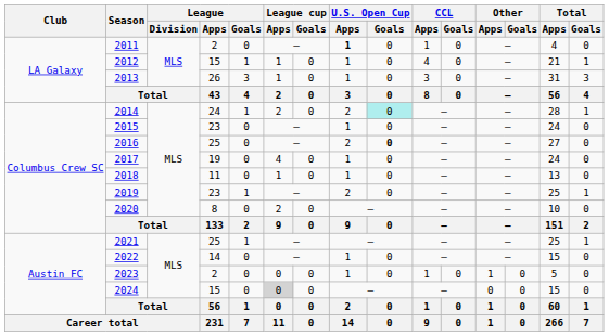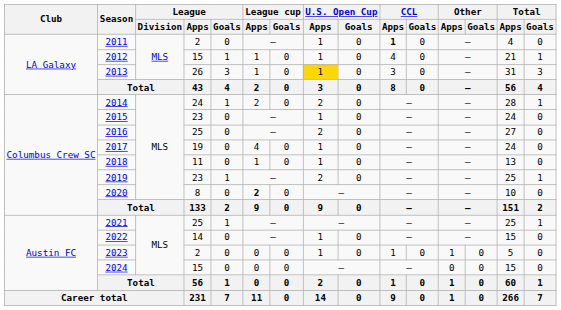 <table class="wikitable" style="text-align: center;">
 <tr>
 <th rowspan=2>Club</th>
 <th rowspan=2>Season</th>
 <th colspan=3>League</th>
 <th colspan=2>League cup</th>
 <th colspan=2><a href='#'>U.S. Open Cup</a></th>
 <th colspan=2><a href='#'>CCL</a></th>
 <th colspan=2>Other</th>
 <th colspan=2>Total</th>
 </tr>
 <tr>
 <th>Division</th>
 <th>Apps</th>
 <th>Goals</th>
 <th>Apps</th>
 <th>Goals</th>
 <th>Apps</th>
 <th>Goals</th>
 <th>Apps</th>
 <th>Goals</th>
 <th>Apps</th>
 <th>Goals</th>
 <th>Apps</th>
 <th>Goals</th>
 </tr>
 <tr>
 <td rowspan=4><a href='#'>LA Galaxy</a></td>
 <td><a href='#'>2011</a></td>
 <td rowspan=3><a href='#'>MLS</a></td>
 <td>2</td>
 <td>0</td>
 <td colspan=2>—</td>
+<td>1</td>
+<td>0</td>
 <td><strong>1</strong></td>
-<td>0</td>
-<td>1</td>
 <td>0</td>
 <td colspan=2>—</td>
 <td>4</td>
 <td>0</td>
 </tr>
 <tr>
 <td><a href='#'>2012</a></td>
 <td>15</td>
 <td>1</td>
 <td>1</td>
 <td>0</td>
 <td>1</td>
 <td>0</td>
 <td>4</td>
 <td>0</td>
 <td colspan=2>—</td>
 <td>21</td>
 <td>1</td>
 </tr>
 <tr>
 <td><a href='#'>2013</a></td>
 <td>26</td>
 <td>3</td>
 <td>1</td>
 <td>0</td>
-<td>1</td>
+<td style="background: gold;">1</td>
 <td>0</td>
 <td>3</td>
 <td>0</td>
 <td colspan=2>—</td>
 <td>31</td>
 <td>3</td>
 </tr>
 <tr>
 <th colspan=2>Total</th>
 <th>43</th>
 <th>4</th>
 <th>2</th>
 <th>0</th>
 <th>3</th>
 <th>0</th>
 <th>8</th>
 <th>0</th>
 <th colspan=2>—</th>
 <th>56</th>
 <th>4</th>
 </tr>
 <tr>
 <td rowspan="8"><a href='#'>Columbus Crew SC</a></td>
 <td><a href='#'>2014</a></td>
 <td rowspan="7">MLS</td>
 <td>24</td>
 <td>1</td>
 <td>2</td>
 <td>0</td>
 <td>2</td>
-<td style="background: paleturquoise;">0</td>
+<td>0</td>
 <td colspan=2>—</td>
 <td colspan=2>—</td>
 <td>28</td>
 <td>1</td>
 </tr>
 <tr>
 <td><a href='#'>2015</a></td>
 <td>23</td>
 <td>0</td>
 <td colspan=2>—</td>
 <td>1</td>
 <td>0</td>
 <td colspan=2>—</td>
 <td colspan=2>—</td>
 <td>24</td>
 <td>0</td>
 </tr>
 <tr>
 <td><a href='#'>2016</a></td>
 <td>25</td>
 <td>0</td>
 <td colspan=2>—</td>
 <td>2</td>
-<td><strong>0</strong></td>
+<td>0</td>
 <td colspan=2>—</td>
 <td colspan=2>—</td>
 <td>27</td>
 <td>0</td>
 </tr>
 <tr>
 <td><a href='#'>2017</a></td>
 <td>19</td>
 <td>0</td>
 <td>4</td>
 <td>0</td>
 <td>1</td>
 <td>0</td>
 <td colspan=2>—</td>
 <td colspan=2>—</td>
 <td>24</td>
 <td>0</td>
 </tr>
 <tr>
 <td><a href='#'>2018</a></td>
 <td>11</td>
 <td>0</td>
 <td>1</td>
 <td>0</td>
 <td>1</td>
 <td>0</td>
 <td colspan=2>—</td>
 <td colspan=2>—</td>
 <td>13</td>
 <td>0</td>
 </tr>
 <tr>
 <td><a href='#'>2019</a></td>
 <td>23</td>
 <td>1</td>
 <td colspan=2>—</td>
 <td>2</td>
 <td>0</td>
 <td colspan=2>—</td>
 <td colspan=2>—</td>
 <td>25</td>
 <td>1</td>
 </tr>
 <tr>
 <td><a href='#'>2020</a></td>
 <td>8</td>
 <td>0</td>
-<td>2</td>
+<td><strong>2</strong></td>
 <td>0</td>
 <td colspan="2">—</td>
 <td colspan="2">—</td>
 <td colspan=2>—</td>
 <td>10</td>
 <td>0</td>
 </tr>
 <tr>
 <th colspan="2">Total</th>
 <th>133</th>
 <th>2</th>
 <th>9</th>
 <th>0</th>
 <th>9</th>
 <th>0</th>
 <th colspan="2">—</th>
 <th colspan=2>—</th>
 <th>151</th>
 <th>2</th>
 </tr>
 <tr>
 <td rowspan=5><a href='#'>Austin FC</a></td>
 <td><a href='#'>2021</a></td>
 <td rowspan=4>MLS</td>
 <td>25</td>
 <td>1</td>
 <td colspan=2>—</td>
 <td colspan=2>—</td>
 <td colspan=2>—</td>
 <td colspan=2>—</td>
 <td>25</td>
 <td>1</td>
 </tr>
 <tr>
 <td><a href='#'>2022</a></td>
 <td>14</td>
 <td>0</td>
 <td colspan=2>—</td>
 <td>1</td>
 <td>0</td>
 <td colspan=2>—</td>
 <td colspan=2>—</td>
 <td>15</td>
 <td>0</td>
 </tr>
 <tr>
 <td><a href='#'>2023</a></td>
 <td>2</td>
 <td>0</td>
 <td>0</td>
 <td>0</td>
 <td>1</td>
 <td>0</td>
 <td>1</td>
 <td>0</td>
 <td>1</td>
 <td>0</td>
 <td>5</td>
 <td>0</td>
 </tr>
 <tr>
 <td><a href='#'>2024</a></td>
 <td>15</td>
 <td>0</td>
-<td style="background: lightgrey;">0</td>
+<td>0</td>
 <td>0</td>
 <td colspan=2>—</td>
 <td colspan=2>—</td>
 <td>0</td>
 <td>0</td>
 <td>15</td>
 <td>0</td>
 </tr>
 <tr>
 <th colspan=2>Total</th>
 <th>56</th>
 <th>1</th>
 <th>0</th>
 <th>0</th>
 <th>2</th>
 <th>0</th>
 <th>1</th>
 <th>0</th>
 <th>1</th>
 <th>0</th>
 <th>60</th>
 <th>1</th>
 </tr>
 <tr>
 <th colspan=3>Career total</th>
 <th>231</th>
 <th>7</th>
 <th>11</th>
 <th>0</th>
 <th>14</th>
 <th>0</th>
 <th>9</th>
 <th>0</th>
 <th>1</th>
 <th>0</th>
 <th>266</th>
 <th>7</th>
 </tr>
 </table>
